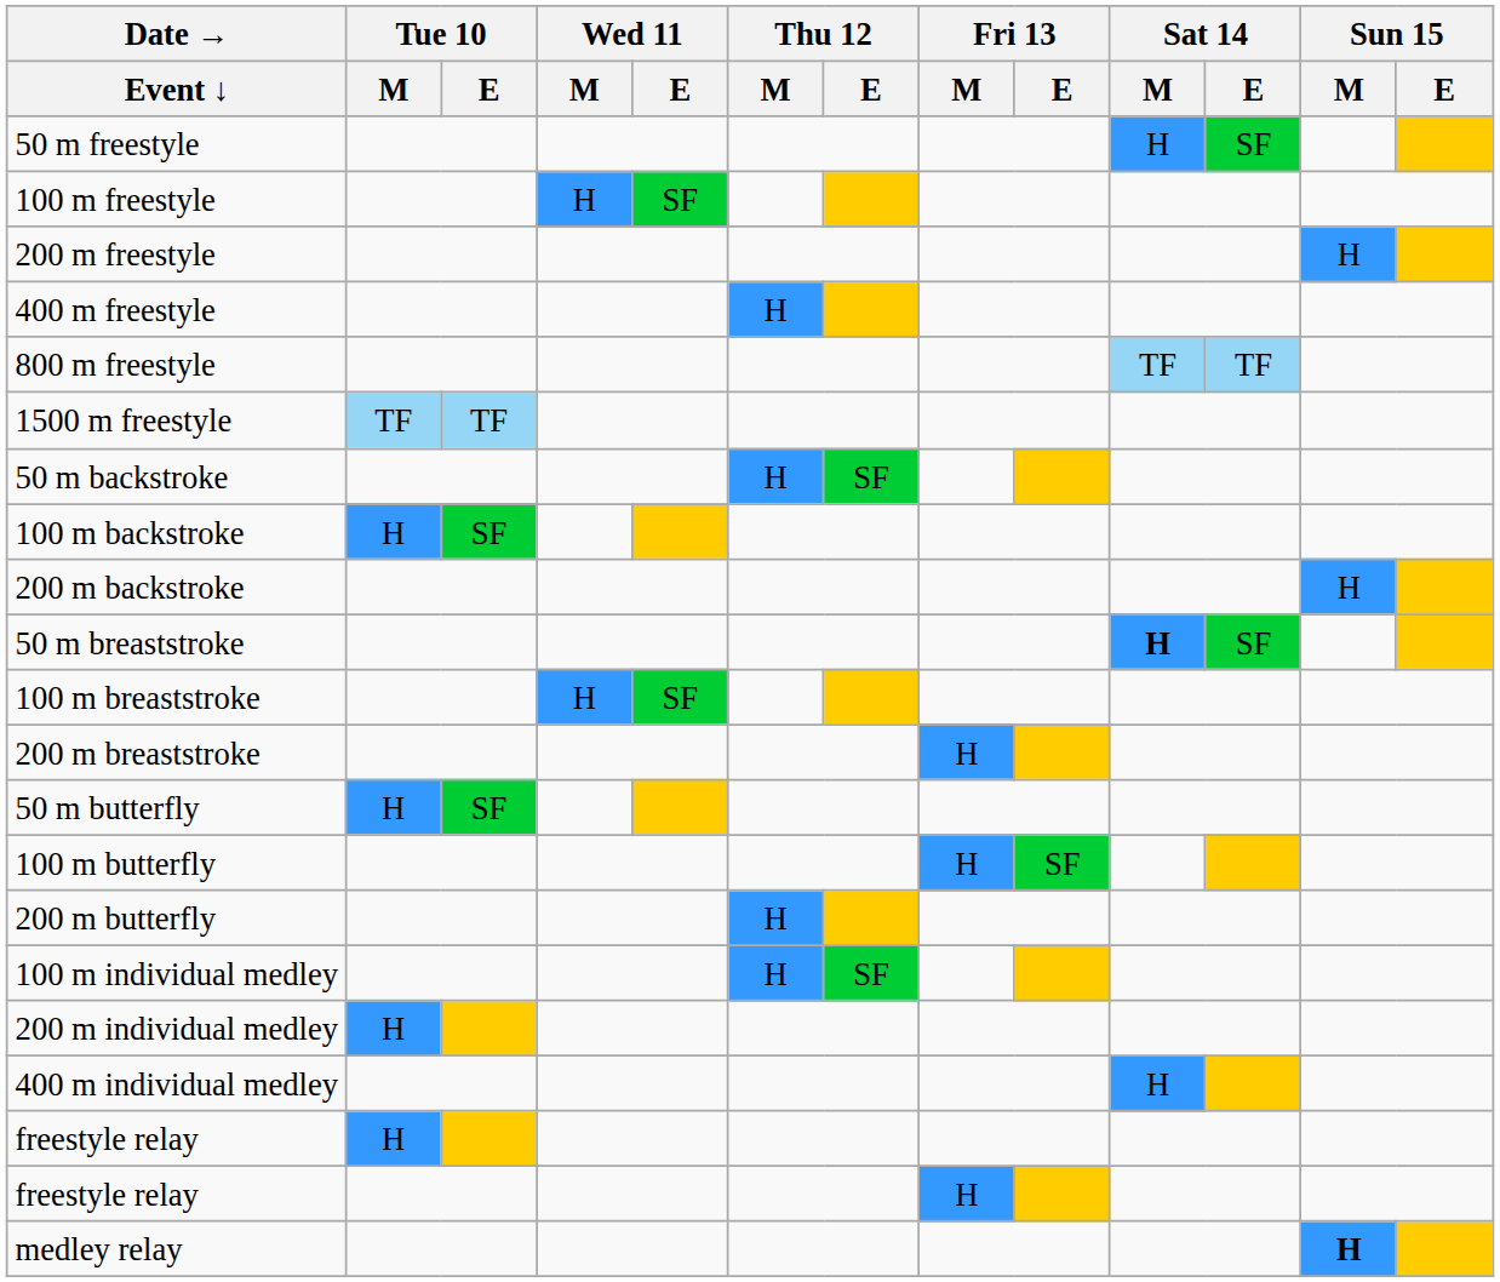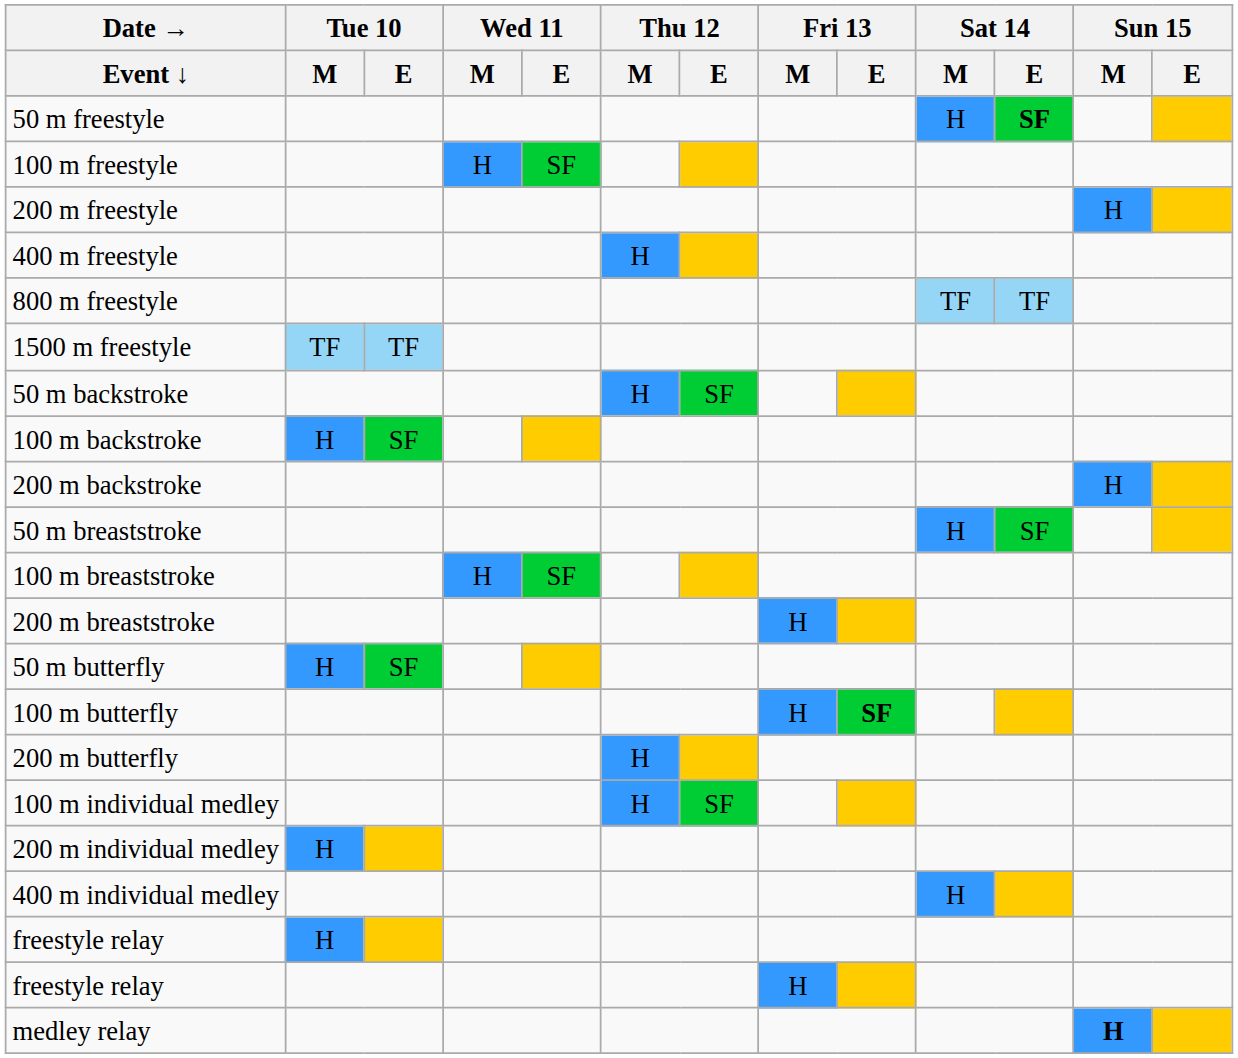 <table class="wikitable" style="margin:0.5em auto; font-size:95%; line-height:1.25em;">
 <tr style="text-align:center;">
 <th>Date →</th>
 <th colspan="2">Tue 10</th>
 <th colspan="2">Wed 11</th>
 <th colspan="2">Thu 12</th>
 <th colspan="2">Fri 13</th>
 <th colspan="2">Sat 14</th>
 <th colspan="2">Sun 15</th>
 </tr>
 <tr>
 <th>Event   ↓</th>
 <th style="width:2.5em;">M</th>
 <th style="width:2.5em;">E</th>
 <th style="width:2.5em;">M</th>
 <th style="width:2.5em;">E</th>
 <th style="width:2.5em;">M</th>
 <th style="width:2.5em;">E</th>
 <th style="width:2.5em;">M</th>
 <th style="width:2.5em;">E</th>
 <th style="width:2.5em;">M</th>
 <th style="width:2.5em;">E</th>
 <th style="width:2.5em;">M</th>
 <th style="width:2.5em;">E</th>
 </tr>
 <tr style="text-align:center;">
 <td style="text-align:left;">50 m freestyle</td>
 <td colspan="2"></td>
 <td colspan="2"></td>
 <td colspan="2"></td>
 <td colspan="2"></td>
 <td style="background-color:#3399ff;">H</td>
-<td style="background-color:#00cc33;">SF</td>
+<td style="background-color:#00cc33;"><strong>SF</strong></td>
 <td></td>
 <td style="background-color:#ffcc00;"></td>
 </tr>
 <tr style="text-align:center;">
 <td style="text-align:left;">100 m freestyle</td>
 <td colspan="2"></td>
 <td style="background-color:#3399ff;">H</td>
 <td style="background-color:#00cc33;">SF</td>
 <td></td>
 <td style="background-color:#ffcc00;"></td>
 <td colspan="2"></td>
 <td colspan="2"></td>
 <td colspan="2"></td>
 </tr>
 <tr style="text-align:center;">
 <td style="text-align:left;">200 m freestyle</td>
 <td colspan="2"></td>
 <td colspan="2"></td>
 <td colspan="2"></td>
 <td colspan="2"></td>
 <td colspan="2"></td>
 <td style="background-color:#3399ff;">H</td>
 <td style="background-color:#ffcc00;"></td>
 </tr>
 <tr style="text-align:center;">
 <td style="text-align:left;">400 m freestyle</td>
 <td colspan="2"></td>
 <td colspan="2"></td>
 <td style="background-color:#3399ff;">H</td>
 <td style="background-color:#ffcc00;"></td>
 <td colspan="2"></td>
 <td colspan="2"></td>
 <td colspan="2"></td>
 </tr>
 <tr style="text-align:center;">
 <td style="text-align:left;">800 m freestyle</td>
 <td colspan="2"></td>
 <td colspan="2"></td>
 <td colspan="2"></td>
 <td colspan="2"></td>
 <td style="background-color:#95d6f7;">TF</td>
 <td style="background-color:#95d6f7;">TF</td>
 <td colspan="2"></td>
 </tr>
 <tr style="text-align:center;">
 <td style="text-align:left;">1500 m freestyle</td>
 <td style="background-color:#95d6f7;">TF</td>
 <td style="background-color:#95d6f7;">TF</td>
 <td colspan="2"></td>
 <td colspan="2"></td>
 <td colspan="2"></td>
 <td colspan="2"></td>
 <td colspan="2"></td>
 </tr>
 <tr style="text-align:center;">
 <td style="text-align:left;">50 m backstroke</td>
 <td colspan="2"></td>
 <td colspan="2"></td>
 <td style="background-color:#3399ff;">H</td>
 <td style="background-color:#00cc33;">SF</td>
 <td></td>
 <td style="background-color:#ffcc00;"></td>
 <td colspan="2"></td>
 <td colspan="2"></td>
 </tr>
 <tr style="text-align:center;">
 <td style="text-align:left;">100 m backstroke</td>
 <td style="background-color:#3399ff;">H</td>
 <td style="background-color:#00cc33;">SF</td>
 <td></td>
 <td style="background-color:#ffcc00;"></td>
 <td colspan="2"></td>
 <td colspan="2"></td>
 <td colspan="2"></td>
 <td colspan="2"></td>
 </tr>
 <tr style="text-align:center;">
 <td style="text-align:left;">200 m backstroke</td>
 <td colspan="2"></td>
 <td colspan="2"></td>
 <td colspan="2"></td>
 <td colspan="2"></td>
 <td colspan="2"></td>
 <td style="background-color:#3399ff;">H</td>
 <td style="background-color:#ffcc00;"></td>
 </tr>
 <tr style="text-align:center;">
 <td style="text-align:left;">50 m breaststroke</td>
 <td colspan="2"></td>
 <td colspan="2"></td>
 <td colspan="2"></td>
 <td colspan="2"></td>
-<td style="background-color:#3399ff;"><strong>H</strong></td>
+<td style="background-color:#3399ff;">H</td>
 <td style="background-color:#00cc33;">SF</td>
 <td></td>
 <td style="background-color:#ffcc00;"></td>
 </tr>
 <tr style="text-align:center;">
 <td style="text-align:left;">100 m breaststroke</td>
 <td colspan="2"></td>
 <td style="background-color:#3399ff;">H</td>
 <td style="background-color:#00cc33;">SF</td>
 <td></td>
 <td style="background-color:#ffcc00;"></td>
 <td colspan="2"></td>
 <td colspan="2"></td>
 <td colspan="2"></td>
 </tr>
 <tr style="text-align:center;">
 <td style="text-align:left;">200 m breaststroke</td>
 <td colspan="2"></td>
 <td colspan="2"></td>
 <td colspan="2"></td>
 <td style="background-color:#3399ff;">H</td>
 <td style="background-color:#ffcc00;"></td>
 <td colspan="2"></td>
 <td colspan="2"></td>
 </tr>
 <tr style="text-align:center;">
 <td style="text-align:left;">50 m butterfly</td>
 <td style="background-color:#3399ff;">H</td>
 <td style="background-color:#00cc33;">SF</td>
 <td></td>
 <td style="background-color:#ffcc00;"></td>
 <td colspan="2"></td>
 <td colspan="2"></td>
 <td colspan="2"></td>
 <td colspan="2"></td>
 </tr>
 <tr style="text-align:center;">
 <td style="text-align:left;">100 m butterfly</td>
 <td colspan="2"></td>
 <td colspan="2"></td>
 <td colspan="2"></td>
 <td style="background-color:#3399ff;">H</td>
-<td style="background-color:#00cc33;">SF</td>
+<td style="background-color:#00cc33;"><strong>SF</strong></td>
 <td></td>
 <td style="background-color:#ffcc00;"></td>
 <td colspan="2"></td>
 </tr>
 <tr style="text-align:center;">
 <td style="text-align:left;">200 m butterfly</td>
 <td colspan="2"></td>
 <td colspan="2"></td>
 <td style="background-color:#3399ff;">H</td>
 <td style="background-color:#ffcc00;"></td>
 <td colspan="2"></td>
 <td colspan="2"></td>
 <td colspan="2"></td>
 </tr>
 <tr style="text-align:center;">
 <td style="text-align:left;">100 m individual medley</td>
 <td colspan="2"></td>
 <td colspan="2"></td>
 <td style="background-color:#3399ff;">H</td>
 <td style="background-color:#00cc33;">SF</td>
 <td></td>
 <td style="background-color:#ffcc00;"></td>
 <td colspan="2"></td>
 <td colspan="2"></td>
 </tr>
 <tr style="text-align:center;">
 <td style="text-align:left;">200 m individual medley</td>
 <td style="background-color:#3399ff;">H</td>
 <td style="background-color:#ffcc00;"></td>
 <td colspan="2"></td>
 <td colspan="2"></td>
 <td colspan="2"></td>
 <td colspan="2"></td>
 <td colspan="2"></td>
 </tr>
 <tr style="text-align:center;">
 <td style="text-align:left;">400 m individual medley</td>
 <td colspan="2"></td>
 <td colspan="2"></td>
 <td colspan="2"></td>
 <td colspan="2"></td>
 <td style="background-color:#3399ff;">H</td>
 <td style="background-color:#ffcc00;"></td>
 <td colspan="2"></td>
 </tr>
 <tr style="text-align:center;">
 <td style="text-align:left;"> freestyle relay</td>
 <td style="background-color:#3399ff;">H</td>
 <td style="background-color:#ffcc00;"></td>
 <td colspan="2"></td>
 <td colspan="2"></td>
 <td colspan="2"></td>
 <td colspan="2"></td>
 <td colspan="2"></td>
 </tr>
 <tr style="text-align:center;">
 <td style="text-align:left;"> freestyle relay</td>
 <td colspan="2"></td>
 <td colspan="2"></td>
 <td colspan="2"></td>
 <td style="background-color:#3399ff;">H</td>
 <td style="background-color:#ffcc00;"></td>
 <td colspan="2"></td>
 <td colspan="2"></td>
 </tr>
 <tr style="text-align:center;">
 <td style="text-align:left;"> medley relay</td>
 <td colspan="2"></td>
 <td colspan="2"></td>
 <td colspan="2"></td>
 <td colspan="2"></td>
 <td colspan="2"></td>
 <td style="background-color:#3399ff;"><strong>H</strong></td>
 <td style="background-color:#ffcc00;"></td>
 </tr>
 </table>
